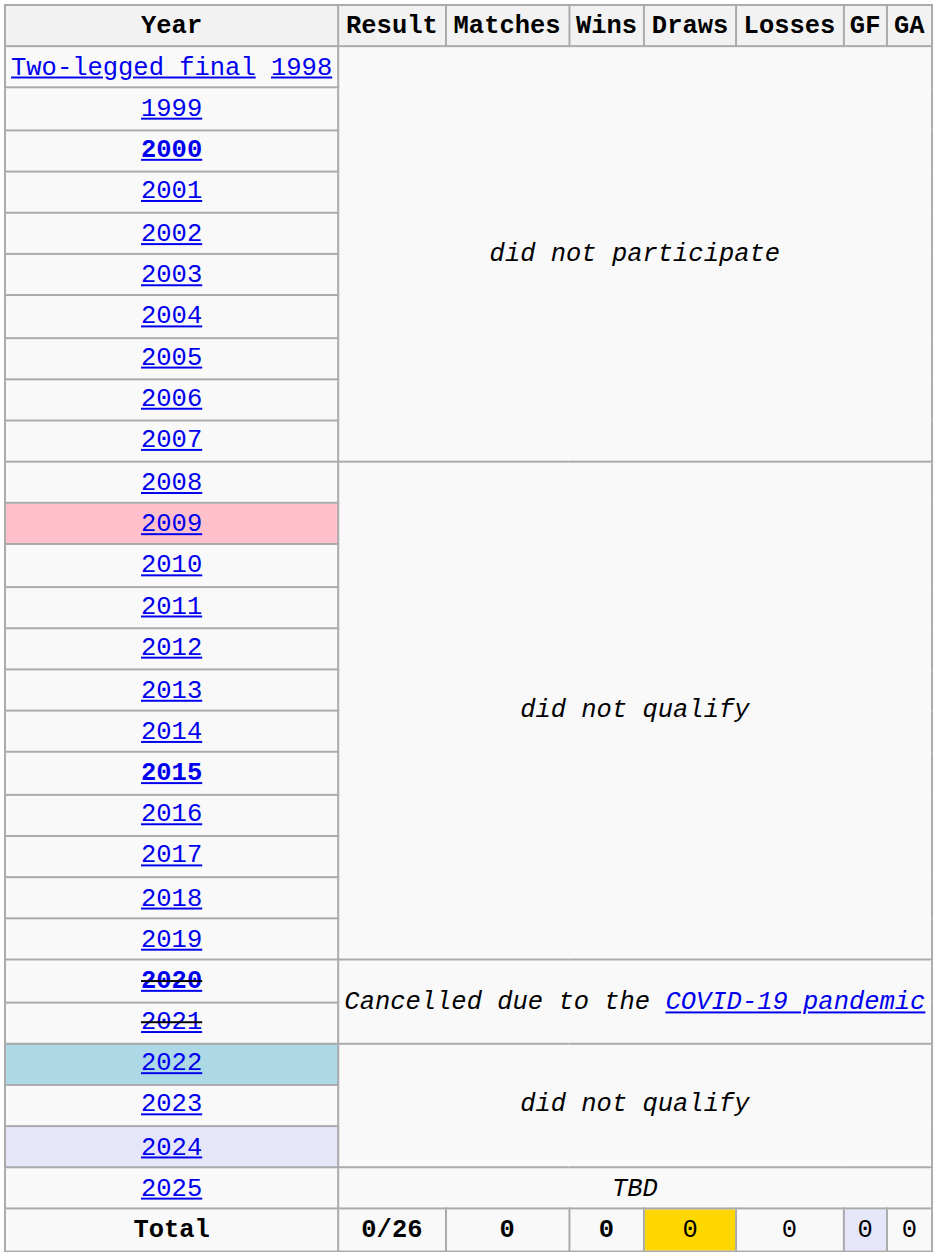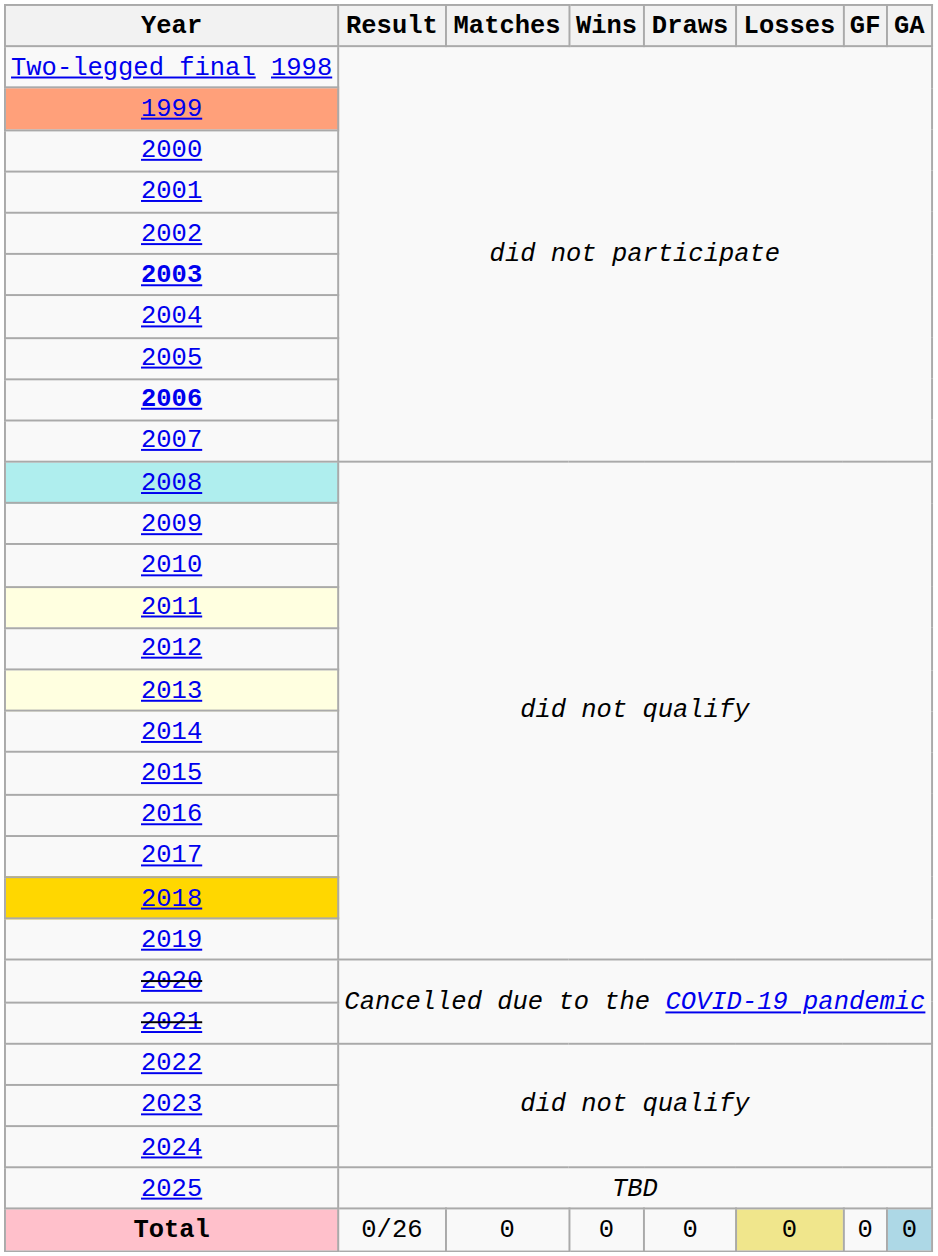 <table class="wikitable" style="text-align: center;">
 <tr>
 <th>Year</th>
 <th>Result</th>
 <th>Matches</th>
 <th>Wins</th>
 <th>Draws</th>
 <th>Losses</th>
 <th>GF</th>
 <th>GA</th>
 </tr>
 <tr>
 <td><a href='#'>Two-legged final</a> <a href='#'>1998</a></td>
 <td colspan=7 rowspan=10><em>did not participate</em></td>
 </tr>
 <tr>
-<td> <a href='#'>1999</a></td>
+<td style="background: lightsalmon;"> <a href='#'>1999</a></td>
 </tr>
 <tr>
-<td><strong> <a href='#'>2000</a></strong></td>
+<td> <a href='#'>2000</a></td>
 </tr>
 <tr>
 <td> <a href='#'>2001</a></td>
 </tr>
 <tr>
 <td> <a href='#'>2002</a></td>
 </tr>
 <tr>
-<td> <a href='#'>2003</a></td>
+<td><strong> <a href='#'>2003</a></strong></td>
 </tr>
 <tr>
 <td> <a href='#'>2004</a></td>
 </tr>
 <tr>
 <td> <a href='#'>2005</a></td>
 </tr>
 <tr>
-<td> <a href='#'>2006</a></td>
+<td><strong> <a href='#'>2006</a></strong></td>
 </tr>
 <tr>
 <td> <a href='#'>2007</a></td>
 </tr>
 <tr>
-<td> <a href='#'>2008</a></td>
+<td style="background: paleturquoise;"> <a href='#'>2008</a></td>
 <td colspan=7 rowspan=12><em>did not qualify</em></td>
 </tr>
 <tr>
-<td style="background: pink;"> <a href='#'>2009</a></td>
+<td> <a href='#'>2009</a></td>
 </tr>
 <tr>
 <td> <a href='#'>2010</a></td>
 </tr>
 <tr>
-<td> <a href='#'>2011</a></td>
+<td style="background: lightyellow;"> <a href='#'>2011</a></td>
 </tr>
 <tr>
 <td> <a href='#'>2012</a></td>
 </tr>
 <tr>
-<td> <a href='#'>2013</a></td>
+<td style="background: lightyellow;"> <a href='#'>2013</a></td>
 </tr>
 <tr>
 <td> <a href='#'>2014</a></td>
 </tr>
 <tr>
-<td><strong> <a href='#'>2015</a></strong></td>
+<td> <a href='#'>2015</a></td>
 </tr>
 <tr>
 <td> <a href='#'>2016</a></td>
 </tr>
 <tr>
 <td> <a href='#'>2017</a></td>
 </tr>
 <tr>
-<td> <a href='#'>2018</a></td>
+<td style="background: gold;"> <a href='#'>2018</a></td>
 </tr>
 <tr>
 <td> <a href='#'>2019</a></td>
 </tr>
 <tr>
-<td><strong> <s><a href='#'>2020</a></s></strong></td>
+<td> <s><a href='#'>2020</a></s></td>
 <td colspan=7 rowspan=2><em>Cancelled due to the <a href='#'>COVID-19 pandemic</a></em></td>
 </tr>
 <tr>
 <td> <s><a href='#'>2021</a></s></td>
 </tr>
 <tr>
-<td style="background: lightblue;"> <a href='#'>2022</a></td>
+<td> <a href='#'>2022</a></td>
 <td colspan=7 rowspan=3><em>did not qualify</em></td>
 </tr>
 <tr>
 <td> <a href='#'>2023</a></td>
 </tr>
 <tr>
-<td style="background: lavender;"> <a href='#'>2024</a></td>
+<td> <a href='#'>2024</a></td>
 </tr>
 <tr>
 <td> <a href='#'>2025</a></td>
 <td colspan=8><em>TBD</em></td>
 </tr>
 <tr>
-<td><strong>Total</strong></td>
-<td><strong>0/26</strong></td>
-<td><strong>0</strong></td>
-<td><strong>0</strong></td>
-<td style="background: gold;">0</td>
+<td style="background: pink;"><strong>Total</strong></td>
+<td>0/26</td>
 <td>0</td>
-<td style="background: lavender;">0</td>
 <td>0</td>
+<td>0</td>
+<td style="background: khaki;">0</td>
+<td>0</td>
+<td style="background: lightblue;">0</td>
 </tr>
 </table>
